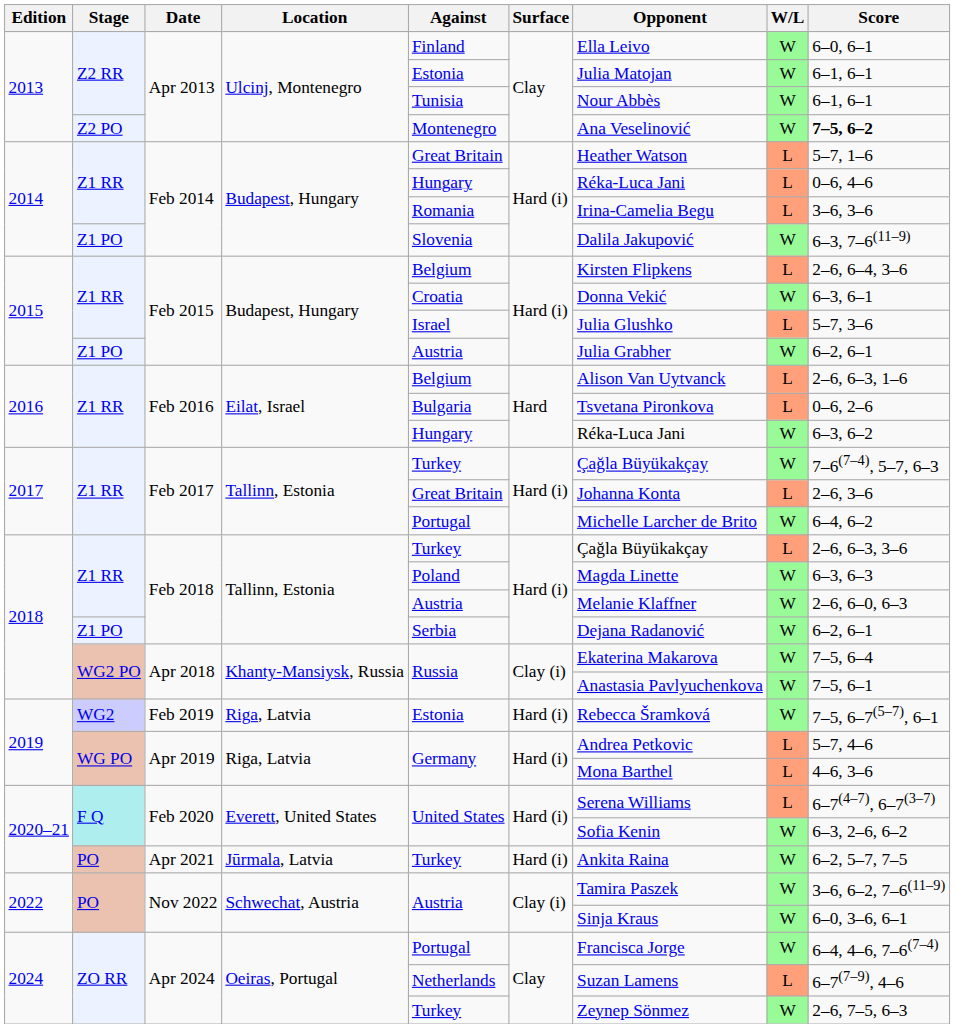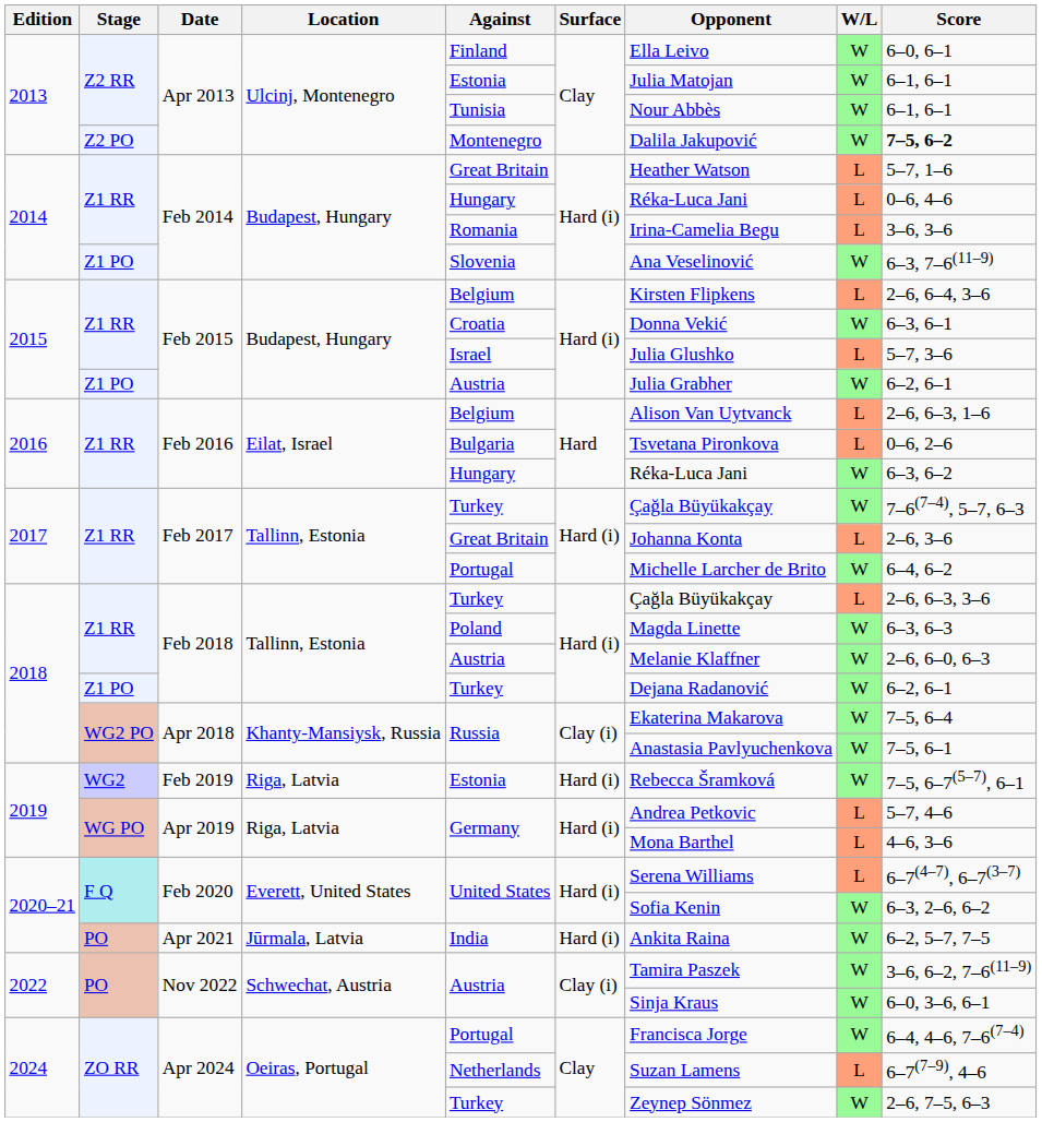 <table class=wikitable>
 <tr>
 <th>Edition</th>
 <th>Stage</th>
 <th>Date</th>
 <th>Location</th>
 <th>Against</th>
 <th>Surface</th>
 <th>Opponent</th>
 <th>W/L</th>
 <th>Score</th>
 </tr>
 <tr style=>
 <td rowspan="4"><a href='#'>2013</a></td>
 <td rowspan="3" bgcolor=ecf2ff><a href='#'>Z2 RR</a></td>
 <td rowspan="4">Apr 2013</td>
 <td rowspan="4"><a href='#'>Ulcinj</a>, Montenegro</td>
 <td> <a href='#'>Finland</a></td>
 <td rowspan="4">Clay</td>
 <td><a href='#'>Ella Leivo</a></td>
 <td style="text-align:center; background:#98fb98;">W</td>
 <td>6–0, 6–1</td>
 </tr>
 <tr style=>
 <td> <a href='#'>Estonia</a></td>
 <td><a href='#'>Julia Matojan</a></td>
 <td style="text-align:center; background:#98fb98;">W</td>
 <td>6–1, 6–1</td>
 </tr>
 <tr style=>
 <td> <a href='#'>Tunisia</a></td>
 <td><a href='#'>Nour Abbès</a></td>
 <td style="text-align:center; background:#98fb98;">W</td>
 <td>6–1, 6–1</td>
 </tr>
 <tr style=>
 <td bgcolor=ecf2ff><a href='#'>Z2 PO</a></td>
 <td> <a href='#'>Montenegro</a></td>
-<td><a href='#'>Ana Veselinović</a></td>
+<td><a href='#'>Dalila Jakupović</a></td>
 <td style="text-align:center; background:#98fb98;">W</td>
 <td><strong>7–5, 6–2</strong></td>
 </tr>
 <tr style=>
 <td rowspan="4"><a href='#'>2014</a></td>
 <td rowspan="3" bgcolor=ecf2ff><a href='#'>Z1 RR</a></td>
 <td rowspan="4">Feb 2014</td>
 <td rowspan="4"><a href='#'>Budapest</a>, Hungary</td>
 <td> <a href='#'>Great Britain</a></td>
 <td rowspan="4">Hard (i)</td>
 <td><a href='#'>Heather Watson</a></td>
 <td style="text-align:center; background:#ffa07a;">L</td>
 <td>5–7, 1–6</td>
 </tr>
 <tr style=>
 <td> <a href='#'>Hungary</a></td>
 <td><a href='#'>Réka-Luca Jani</a></td>
 <td style="text-align:center; background:#ffa07a;">L</td>
 <td>0–6, 4–6</td>
 </tr>
 <tr style=>
 <td> <a href='#'>Romania</a></td>
 <td><a href='#'>Irina-Camelia Begu</a></td>
 <td style="text-align:center; background:#ffa07a;">L</td>
 <td>3–6, 3–6</td>
 </tr>
 <tr style=>
 <td bgcolor=ecf2ff><a href='#'>Z1 PO</a></td>
 <td> <a href='#'>Slovenia</a></td>
-<td><a href='#'>Dalila Jakupović</a></td>
+<td><a href='#'>Ana Veselinović</a></td>
 <td style="text-align:center; background:#98fb98;">W</td>
 <td>6–3, 7–6<sup>(11–9)</sup></td>
 </tr>
 <tr style=>
 <td rowspan="4"><a href='#'>2015</a></td>
 <td rowspan="3" bgcolor=ecf2ff><a href='#'>Z1 RR</a></td>
 <td rowspan="4">Feb 2015</td>
 <td rowspan="4">Budapest, Hungary</td>
 <td> <a href='#'>Belgium</a></td>
 <td rowspan="4">Hard (i)</td>
 <td><a href='#'>Kirsten Flipkens</a></td>
 <td style="text-align:center; background:#ffa07a;">L</td>
 <td>2–6, 6–4, 3–6</td>
 </tr>
 <tr style=>
 <td> <a href='#'>Croatia</a></td>
 <td><a href='#'>Donna Vekić</a></td>
 <td style="text-align:center; background:#98fb98;">W</td>
 <td>6–3, 6–1</td>
 </tr>
 <tr style=>
 <td> <a href='#'>Israel</a></td>
 <td><a href='#'>Julia Glushko</a></td>
 <td style="text-align:center; background:#ffa07a;">L</td>
 <td>5–7, 3–6</td>
 </tr>
 <tr style=>
 <td bgcolor=ecf2ff><a href='#'>Z1 PO</a></td>
 <td> <a href='#'>Austria</a></td>
 <td><a href='#'>Julia Grabher</a></td>
 <td style="text-align:center; background:#98fb98;">W</td>
 <td>6–2, 6–1</td>
 </tr>
 <tr style=>
 <td rowspan=3><a href='#'>2016</a></td>
 <td rowspan="3" bgcolor=ecf2ff><a href='#'>Z1 RR</a></td>
 <td rowspan="3">Feb 2016</td>
 <td rowspan="3"><a href='#'>Eilat</a>, Israel</td>
 <td> <a href='#'>Belgium</a></td>
 <td rowspan="3">Hard</td>
 <td><a href='#'>Alison Van Uytvanck</a></td>
 <td style="text-align:center; background:#ffa07a;">L</td>
 <td>2–6, 6–3, 1–6</td>
 </tr>
 <tr style=>
 <td> <a href='#'>Bulgaria</a></td>
 <td><a href='#'>Tsvetana Pironkova</a></td>
 <td style="text-align:center; background:#ffa07a">L</td>
 <td>0–6, 2–6</td>
 </tr>
 <tr style=>
 <td> <a href='#'>Hungary</a></td>
 <td>Réka-Luca Jani</td>
 <td style="text-align:center; background:#98fb98">W</td>
 <td>6–3, 6–2</td>
 </tr>
 <tr style=>
 <td rowspan=3><a href='#'>2017</a></td>
 <td rowspan="3" bgcolor=ecf2ff><a href='#'>Z1 RR</a></td>
 <td rowspan="3">Feb 2017</td>
 <td rowspan="3"><a href='#'>Tallinn</a>, Estonia</td>
 <td> <a href='#'>Turkey</a></td>
 <td rowspan="3">Hard (i)</td>
 <td><a href='#'>Çağla Büyükakçay</a></td>
 <td style="text-align:center; background:#98fb98">W</td>
 <td>7–6<sup>(7–4)</sup>, 5–7, 6–3</td>
 </tr>
 <tr style=>
 <td> <a href='#'>Great Britain</a></td>
 <td><a href='#'>Johanna Konta</a></td>
 <td style="text-align:center; background:#ffa07a">L</td>
 <td>2–6, 3–6</td>
 </tr>
 <tr style=>
 <td> <a href='#'>Portugal</a></td>
 <td><a href='#'>Michelle Larcher de Brito</a></td>
 <td style="text-align:center; background:#98fb98">W</td>
 <td>6–4, 6–2</td>
 </tr>
 <tr style=>
 <td rowspan=6><a href='#'>2018</a></td>
 <td rowspan=3 bgcolor=ecf2ff><a href='#'>Z1 RR</a></td>
 <td rowspan=4>Feb 2018</td>
 <td rowspan=4>Tallinn, Estonia</td>
 <td> <a href='#'>Turkey</a></td>
 <td rowspan=4>Hard (i)</td>
 <td>Çağla Büyükakçay</td>
 <td style="text-align:center; background:#ffa07a">L</td>
 <td>2–6, 6–3, 3–6</td>
 </tr>
 <tr style=>
 <td> <a href='#'>Poland</a></td>
 <td><a href='#'>Magda Linette</a></td>
 <td style="text-align:center; background:#98fb98">W</td>
 <td>6–3, 6–3</td>
 </tr>
 <tr style=>
 <td> <a href='#'>Austria</a></td>
 <td><a href='#'>Melanie Klaffner</a></td>
 <td style="text-align:center; background:#98fb98">W</td>
 <td>2–6, 6–0, 6–3</td>
 </tr>
 <tr style=>
 <td bgcolor=ecf2ff><a href='#'>Z1 PO</a></td>
-<td> <a href='#'>Serbia</a></td>
+<td> <a href='#'>Turkey</a></td>
 <td><a href='#'>Dejana Radanović</a></td>
 <td style="text-align:center; background:#98fb98">W</td>
 <td>6–2, 6–1</td>
 </tr>
 <tr style=>
 <td rowspan=2 bgcolor=ebc2af><a href='#'>WG2 PO</a></td>
 <td rowspan=2>Apr 2018</td>
 <td rowspan=2><a href='#'>Khanty-Mansiysk</a>, Russia</td>
 <td rowspan=2> <a href='#'>Russia</a></td>
 <td rowspan=2>Clay (i)</td>
 <td><a href='#'>Ekaterina Makarova</a></td>
 <td style="text-align:center; background:#98fb98">W</td>
 <td>7–5, 6–4</td>
 </tr>
 <tr style=>
 <td><a href='#'>Anastasia Pavlyuchenkova</a></td>
 <td style="text-align:center; background:#98fb98">W</td>
 <td>7–5, 6–1</td>
 </tr>
 <tr style=>
 <td rowspan=3><a href='#'>2019</a></td>
 <td bgcolor=ccccff><a href='#'>WG2</a></td>
 <td>Feb 2019</td>
 <td><a href='#'>Riga</a>, Latvia</td>
 <td> <a href='#'>Estonia</a></td>
 <td>Hard (i)</td>
 <td><a href='#'>Rebecca Šramková</a></td>
 <td style="text-align:center; background:#98fb98">W</td>
 <td>7–5, 6–7<sup>(5–7)</sup>, 6–1</td>
 </tr>
 <tr style=>
 <td rowspan=2 bgcolor=ebc2af><a href='#'>WG PO</a></td>
 <td rowspan=2>Apr 2019</td>
 <td rowspan=2>Riga, Latvia</td>
 <td rowspan=2> <a href='#'>Germany</a></td>
 <td rowspan=2>Hard (i)</td>
 <td><a href='#'>Andrea Petkovic</a></td>
 <td style="text-align:center; background:#ffa07a">L</td>
 <td>5–7, 4–6</td>
 </tr>
 <tr style=>
 <td><a href='#'>Mona Barthel</a></td>
 <td style="text-align:center; background:#ffa07a">L</td>
 <td>4–6, 3–6</td>
 </tr>
 <tr style=>
 <td rowspan=3><a href='#'>2020–21</a></td>
 <td rowspan=2 bgcolor=afeeee><a href='#'>F Q</a></td>
 <td rowspan=2>Feb 2020</td>
 <td rowspan=2><a href='#'>Everett</a>, United States</td>
 <td rowspan=2> <a href='#'>United States</a></td>
 <td rowspan=2>Hard (i)</td>
 <td><a href='#'>Serena Williams</a></td>
 <td style="text-align:center; background:#ffa07a">L</td>
 <td>6–7<sup>(4–7)</sup>, 6–7<sup>(3–7)</sup></td>
 </tr>
 <tr style=>
 <td><a href='#'>Sofia Kenin</a></td>
 <td style="text-align:center; background:#98fb98">W</td>
 <td>6–3, 2–6, 6–2</td>
 </tr>
 <tr style=>
 <td bgcolor=ebc2af><a href='#'>PO</a></td>
 <td>Apr 2021</td>
 <td><a href='#'>Jūrmala</a>, Latvia</td>
-<td> <a href='#'>Turkey</a></td>
+<td> <a href='#'>India</a></td>
 <td>Hard (i)</td>
 <td><a href='#'>Ankita Raina</a></td>
 <td style="text-align:center; background:#98fb98">W</td>
 <td>6–2, 5–7, 7–5</td>
 </tr>
 <tr style=>
 <td rowspan=2><a href='#'>2022</a></td>
 <td rowspan=2 bgcolor=ebc2af><a href='#'>PO</a></td>
 <td rowspan=2>Nov 2022</td>
 <td rowspan=2><a href='#'>Schwechat</a>, Austria</td>
 <td rowspan=2> <a href='#'>Austria</a></td>
 <td rowspan=2>Clay (i)</td>
 <td><a href='#'>Tamira Paszek</a></td>
 <td style="text-align:center; background:#98fb98">W</td>
 <td>3–6, 6–2, 7–6<sup>(11–9)</sup></td>
 </tr>
 <tr style=>
 <td><a href='#'>Sinja Kraus</a></td>
 <td style="text-align:center; background:#98fb98">W</td>
 <td>6–0, 3–6, 6–1</td>
 </tr>
 <tr style=>
 <td rowspan=3><a href='#'>2024</a></td>
 <td rowspan=3 bgcolor=ecf2ff><a href='#'>ZO RR</a></td>
 <td rowspan=3>Apr 2024</td>
 <td rowspan=3><a href='#'>Oeiras</a>, Portugal</td>
 <td> <a href='#'>Portugal</a></td>
 <td rowspan=3>Clay</td>
 <td><a href='#'>Francisca Jorge</a></td>
 <td style="text-align:center; background:#98fb98">W</td>
 <td>6–4, 4–6, 7–6<sup>(7–4)</sup></td>
 </tr>
 <tr style=>
 <td> <a href='#'>Netherlands</a></td>
 <td><a href='#'>Suzan Lamens</a></td>
 <td style="text-align:center; background:#ffa07a">L</td>
 <td>6–7<sup>(7–9)</sup>, 4–6</td>
 </tr>
 <tr style=>
 <td> <a href='#'>Turkey</a></td>
 <td><a href='#'>Zeynep Sönmez</a></td>
 <td style="text-align:center; background:#98fb98">W</td>
 <td>2–6, 7–5, 6–3</td>
 </tr>
 </table>
